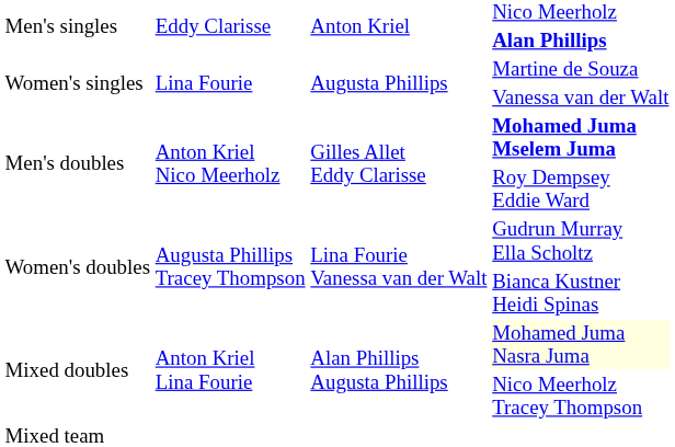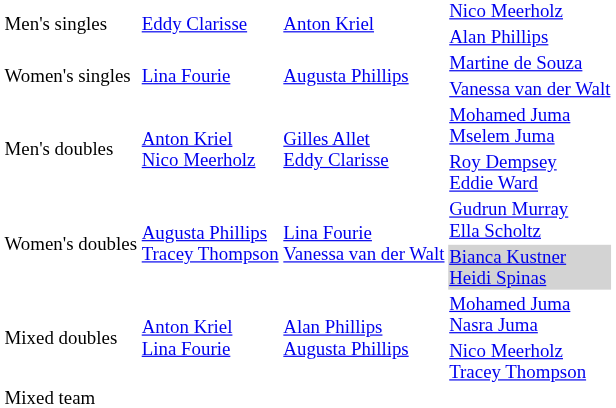 <table>
 <tr>
 <td rowspan=2>Men's singles</td>
 <td rowspan=2> <a href='#'>Eddy Clarisse</a></td>
 <td rowspan=2> <a href='#'>Anton Kriel</a></td>
 <td> <a href='#'>Nico Meerholz</a></td>
 </tr>
 <tr>
-<td><strong> <a href='#'>Alan Phillips</a></strong></td>
+<td> <a href='#'>Alan Phillips</a></td>
 </tr>
 <tr>
 <td rowspan=2>Women's singles</td>
 <td rowspan=2> <a href='#'>Lina Fourie</a></td>
 <td rowspan=2> <a href='#'>Augusta Phillips</a></td>
 <td> <a href='#'>Martine de Souza</a></td>
 </tr>
 <tr>
 <td> <a href='#'>Vanessa van der Walt</a></td>
 </tr>
 <tr>
 <td rowspan=2>Men's doubles</td>
 <td rowspan=2> <a href='#'>Anton Kriel</a><br> <a href='#'>Nico Meerholz</a></td>
 <td rowspan=2> <a href='#'>Gilles Allet</a><br> <a href='#'>Eddy Clarisse</a></td>
-<td><strong> <a href='#'>Mohamed Juma</a><br> <a href='#'>Mselem Juma</a></strong></td>
+<td> <a href='#'>Mohamed Juma</a><br> <a href='#'>Mselem Juma</a></td>
 </tr>
 <tr>
 <td> <a href='#'>Roy Dempsey</a><br> <a href='#'>Eddie Ward</a></td>
 </tr>
 <tr>
 <td rowspan=2>Women's doubles</td>
 <td rowspan=2> <a href='#'>Augusta Phillips</a><br> <a href='#'>Tracey Thompson</a></td>
 <td rowspan=2> <a href='#'>Lina Fourie</a><br> <a href='#'>Vanessa van der Walt</a></td>
 <td> <a href='#'>Gudrun Murray</a><br> <a href='#'>Ella Scholtz</a></td>
 </tr>
 <tr>
-<td> <a href='#'>Bianca Kustner</a><br> <a href='#'>Heidi Spinas</a></td>
+<td style="background: lightgrey;"> <a href='#'>Bianca Kustner</a><br> <a href='#'>Heidi Spinas</a></td>
 </tr>
 <tr>
 <td rowspan=2>Mixed doubles</td>
 <td rowspan=2> <a href='#'>Anton Kriel</a><br> <a href='#'>Lina Fourie</a></td>
 <td rowspan=2> <a href='#'>Alan Phillips</a><br> <a href='#'>Augusta Phillips</a></td>
-<td style="background: lightyellow;"> <a href='#'>Mohamed Juma</a><br> <a href='#'>Nasra Juma</a></td>
+<td> <a href='#'>Mohamed Juma</a><br> <a href='#'>Nasra Juma</a></td>
 </tr>
 <tr>
 <td> <a href='#'>Nico Meerholz</a><br> <a href='#'>Tracey Thompson</a></td>
 </tr>
 <tr>
 <td rowspan=2>Mixed team</td>
 <td rowspan=2></td>
 <td rowspan=2></td>
 <td></td>
 </tr>
 <tr>
 <td></td>
 </tr>
 </table>
